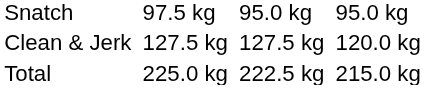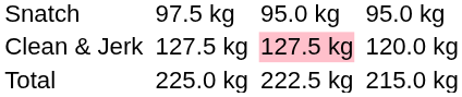 <table>
 <tr>
 <td>Snatch</td>
 <td></td>
 <td>97.5 kg</td>
 <td></td>
 <td>95.0 kg</td>
 <td></td>
 <td>95.0 kg</td>
 </tr>
 <tr>
 <td>Clean & Jerk</td>
 <td></td>
 <td>127.5 kg</td>
 <td></td>
-<td>127.5 kg</td>
+<td style="background: pink;">127.5 kg</td>
 <td></td>
 <td>120.0 kg</td>
 </tr>
 <tr>
 <td>Total</td>
 <td></td>
 <td>225.0 kg</td>
 <td></td>
 <td>222.5 kg</td>
 <td></td>
 <td>215.0 kg</td>
 </tr>
 </table>
